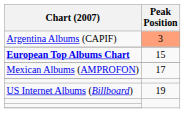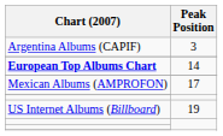 <table class="wikitable sortable">
 <tr>
 <th>Chart (2007)</th>
 <th>Peak<br>Position</th>
 </tr>
 <tr>
 <td><a href='#'>Argentina Albums</a> (CAPIF)</td>
-<td style="background: lightsalmon; text-align:center;">3</td>
+<td style="text-align:center;">3</td>
 </tr>
 <tr>
 </tr>
 <tr>
 </tr>
 <tr>
 </tr>
 <tr>
 <td><strong><a href='#'>European Top Albums Chart</a></strong></td>
-<td style="text-align:center;">15</td>
+<td style="text-align:center;">14</td>
 </tr>
 <tr>
 </tr>
 <tr>
 </tr>
 <tr>
 </tr>
 <tr>
 <td><a href='#'>Mexican Albums</a> (<a href='#'>AMPROFON</a>)</td>
 <td style="text-align:center;">17</td>
 </tr>
 <tr>
 </tr>
 <tr>
 </tr>
 <tr>
 <td></td>
 </tr>
 <tr>
 <td><a href='#'>US Internet Albums</a> (<em><a href='#'>Billboard</a></em>)</td>
 <td style="text-align:center;">19</td>
 </tr>
 <tr>
 <td></td>
 </tr>
 <tr>
 <td></td>
 </tr>
 <tr>
 </tr>
 </table>
